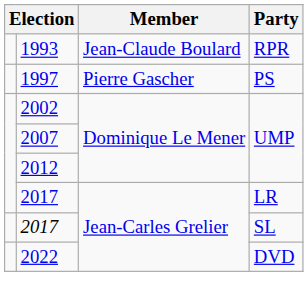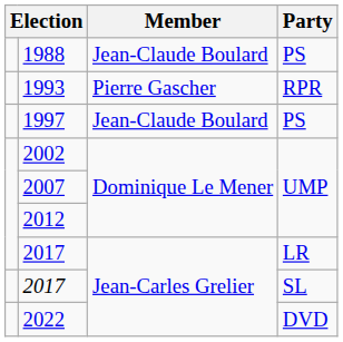 <table class="wikitable">
 <tr>
 <th colspan="2">Election</th>
 <th>Member</th>
 <th>Party</th>
 </tr>
 <tr>
 <td style="background-color: "></td>
+<td><a href='#'>1988</a></td>
+<td><a href='#'>Jean-Claude Boulard</a></td>
+<td><a href='#'>PS</a></td>
+</tr>
+<tr>
+<td style="background-color: "></td>
 <td><a href='#'>1993</a></td>
-<td><a href='#'>Jean-Claude Boulard</a></td>
+<td><a href='#'>Pierre Gascher</a></td>
 <td><a href='#'>RPR</a></td>
 </tr>
 <tr>
 <td style="background-color: "></td>
 <td><a href='#'>1997</a></td>
-<td><a href='#'>Pierre Gascher</a></td>
+<td><a href='#'>Jean-Claude Boulard</a></td>
 <td><a href='#'>PS</a></td>
 </tr>
 <tr>
 <td rowspan="4" style="background-color: "></td>
 <td><a href='#'>2002</a></td>
 <td rowspan="3"><a href='#'>Dominique Le Mener</a></td>
 <td rowspan="3"><a href='#'>UMP</a></td>
 </tr>
 <tr>
 <td><a href='#'>2007</a></td>
 </tr>
 <tr>
 <td><a href='#'>2012</a></td>
 </tr>
 <tr>
 <td><a href='#'>2017</a></td>
 <td rowspan="3"><a href='#'>Jean-Carles Grelier</a></td>
 <td><a href='#'>LR</a></td>
 </tr>
 <tr>
 <td style="background-color: "></td>
 <td><em>2017</em></td>
 <td><a href='#'>SL</a></td>
 </tr>
 <tr>
 <td style="background-color: "></td>
 <td><a href='#'>2022</a></td>
 <td><a href='#'>DVD</a></td>
 </tr>
 </table>
